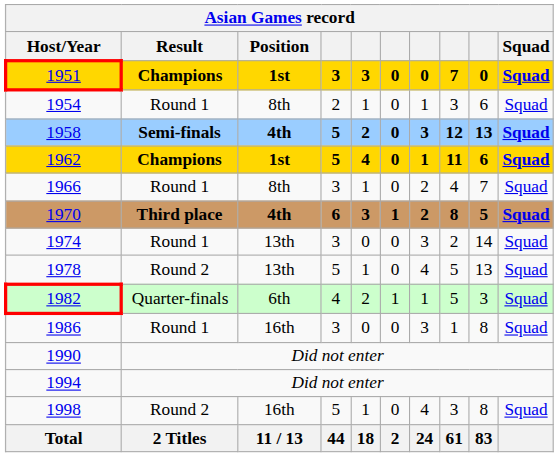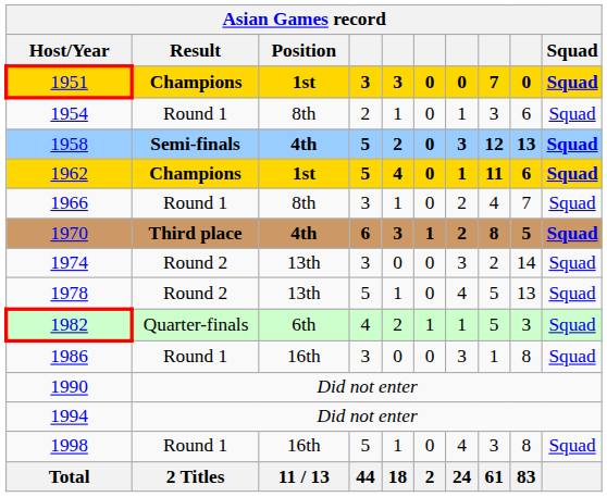 <table class="wikitable" style="text-align:center">
 <tr>
 <th colspan= 10><a href='#'>Asian Games</a> record</th>
 </tr>
 <tr>
 <th style="width:100px;">Host/Year</th>
 <th style="width:100px;">Result</th>
 <th style="width:70px;">Position</th>
 <th style="width:20px;"></th>
 <th style="width:20px;"></th>
 <th style="width:20px;"></th>
 <th style="width:20px;"></th>
 <th style="width:20px;"></th>
 <th style="width:20px;"></th>
 <th style="width:20px;">Squad</th>
 </tr>
 <tr style="background:gold;">
 <td style="border: 3px solid red"> <a href='#'>1951</a></td>
 <td><strong>Champions</strong></td>
 <td><strong>1st</strong></td>
 <td><strong>3</strong></td>
 <td><strong>3</strong></td>
 <td><strong>0</strong></td>
 <td><strong>0</strong></td>
 <td><strong>7</strong></td>
 <td><strong>0</strong></td>
 <td><strong><a href='#'>Squad</a></strong></td>
 </tr>
 <tr>
 <td> <a href='#'>1954</a></td>
 <td>Round 1</td>
 <td>8th</td>
 <td>2</td>
 <td>1</td>
 <td>0</td>
 <td>1</td>
 <td>3</td>
 <td>6</td>
 <td><a href='#'>Squad</a></td>
 </tr>
 <tr style="background:#9acdff;">
 <td> <a href='#'>1958</a></td>
 <td><strong>Semi-finals</strong></td>
 <td><strong>4th</strong></td>
 <td><strong>5</strong></td>
 <td><strong>2</strong></td>
 <td><strong>0</strong></td>
 <td><strong>3</strong></td>
 <td><strong>12</strong></td>
 <td><strong>13</strong></td>
 <td><strong><a href='#'>Squad</a></strong></td>
 </tr>
 <tr style="background:gold">
 <td> <a href='#'>1962</a></td>
 <td><strong>Champions</strong></td>
 <td><strong>1st</strong></td>
 <td><strong>5</strong></td>
 <td><strong>4</strong></td>
 <td><strong>0</strong></td>
 <td><strong>1</strong></td>
 <td><strong>11</strong></td>
 <td><strong>6</strong></td>
 <td><strong><a href='#'>Squad</a></strong></td>
 </tr>
 <tr>
 <td> <a href='#'>1966</a></td>
 <td>Round 1</td>
 <td>8th</td>
 <td>3</td>
 <td>1</td>
 <td>0</td>
 <td>2</td>
 <td>4</td>
 <td>7</td>
 <td><a href='#'>Squad</a></td>
 </tr>
 <tr style="background:#c96;">
 <td> <a href='#'>1970</a></td>
 <td><strong>Third place</strong></td>
 <td><strong>4th</strong></td>
 <td><strong>6</strong></td>
 <td><strong>3</strong></td>
 <td><strong>1</strong></td>
 <td><strong>2</strong></td>
 <td><strong>8</strong></td>
 <td><strong>5</strong></td>
 <td><strong><a href='#'>Squad</a></strong></td>
 </tr>
 <tr>
 <td> <a href='#'>1974</a></td>
-<td>Round 1</td>
+<td>Round 2</td>
 <td>13th</td>
 <td>3</td>
 <td>0</td>
 <td>0</td>
 <td>3</td>
 <td>2</td>
 <td>14</td>
 <td><a href='#'>Squad</a></td>
 </tr>
 <tr>
 <td> <a href='#'>1978</a></td>
 <td>Round 2</td>
 <td>13th</td>
 <td>5</td>
 <td>1</td>
 <td>0</td>
 <td>4</td>
 <td>5</td>
 <td>13</td>
 <td><a href='#'>Squad</a></td>
 </tr>
 <tr bgcolor=#ccffcc>
 <td style="border: 3px solid red"> <a href='#'>1982</a></td>
 <td>Quarter-finals</td>
 <td>6th</td>
 <td>4</td>
 <td>2</td>
 <td>1</td>
 <td>1</td>
 <td>5</td>
 <td>3</td>
 <td><a href='#'>Squad</a></td>
 </tr>
 <tr>
 <td> <a href='#'>1986</a></td>
 <td>Round 1</td>
 <td>16th</td>
 <td>3</td>
 <td>0</td>
 <td>0</td>
 <td>3</td>
 <td>1</td>
 <td>8</td>
 <td><a href='#'>Squad</a></td>
 </tr>
 <tr>
 <td> <a href='#'>1990</a></td>
 <td colspan=9><em>Did not enter</em></td>
 </tr>
 <tr>
 <td> <a href='#'>1994</a></td>
 <td colspan=9><em>Did not enter</em></td>
 </tr>
 <tr>
 <td> <a href='#'>1998</a></td>
-<td>Round 2</td>
+<td>Round 1</td>
 <td>16th</td>
 <td>5</td>
 <td>1</td>
 <td>0</td>
 <td>4</td>
 <td>3</td>
 <td>8</td>
 <td><a href='#'>Squad</a></td>
 </tr>
 <tr>
 <th>Total</th>
 <th>2 Titles</th>
 <th>11 / 13</th>
 <th>44</th>
 <th>18</th>
 <th>2</th>
 <th>24</th>
 <th>61</th>
 <th>83</th>
 <th></th>
 </tr>
 </table>
